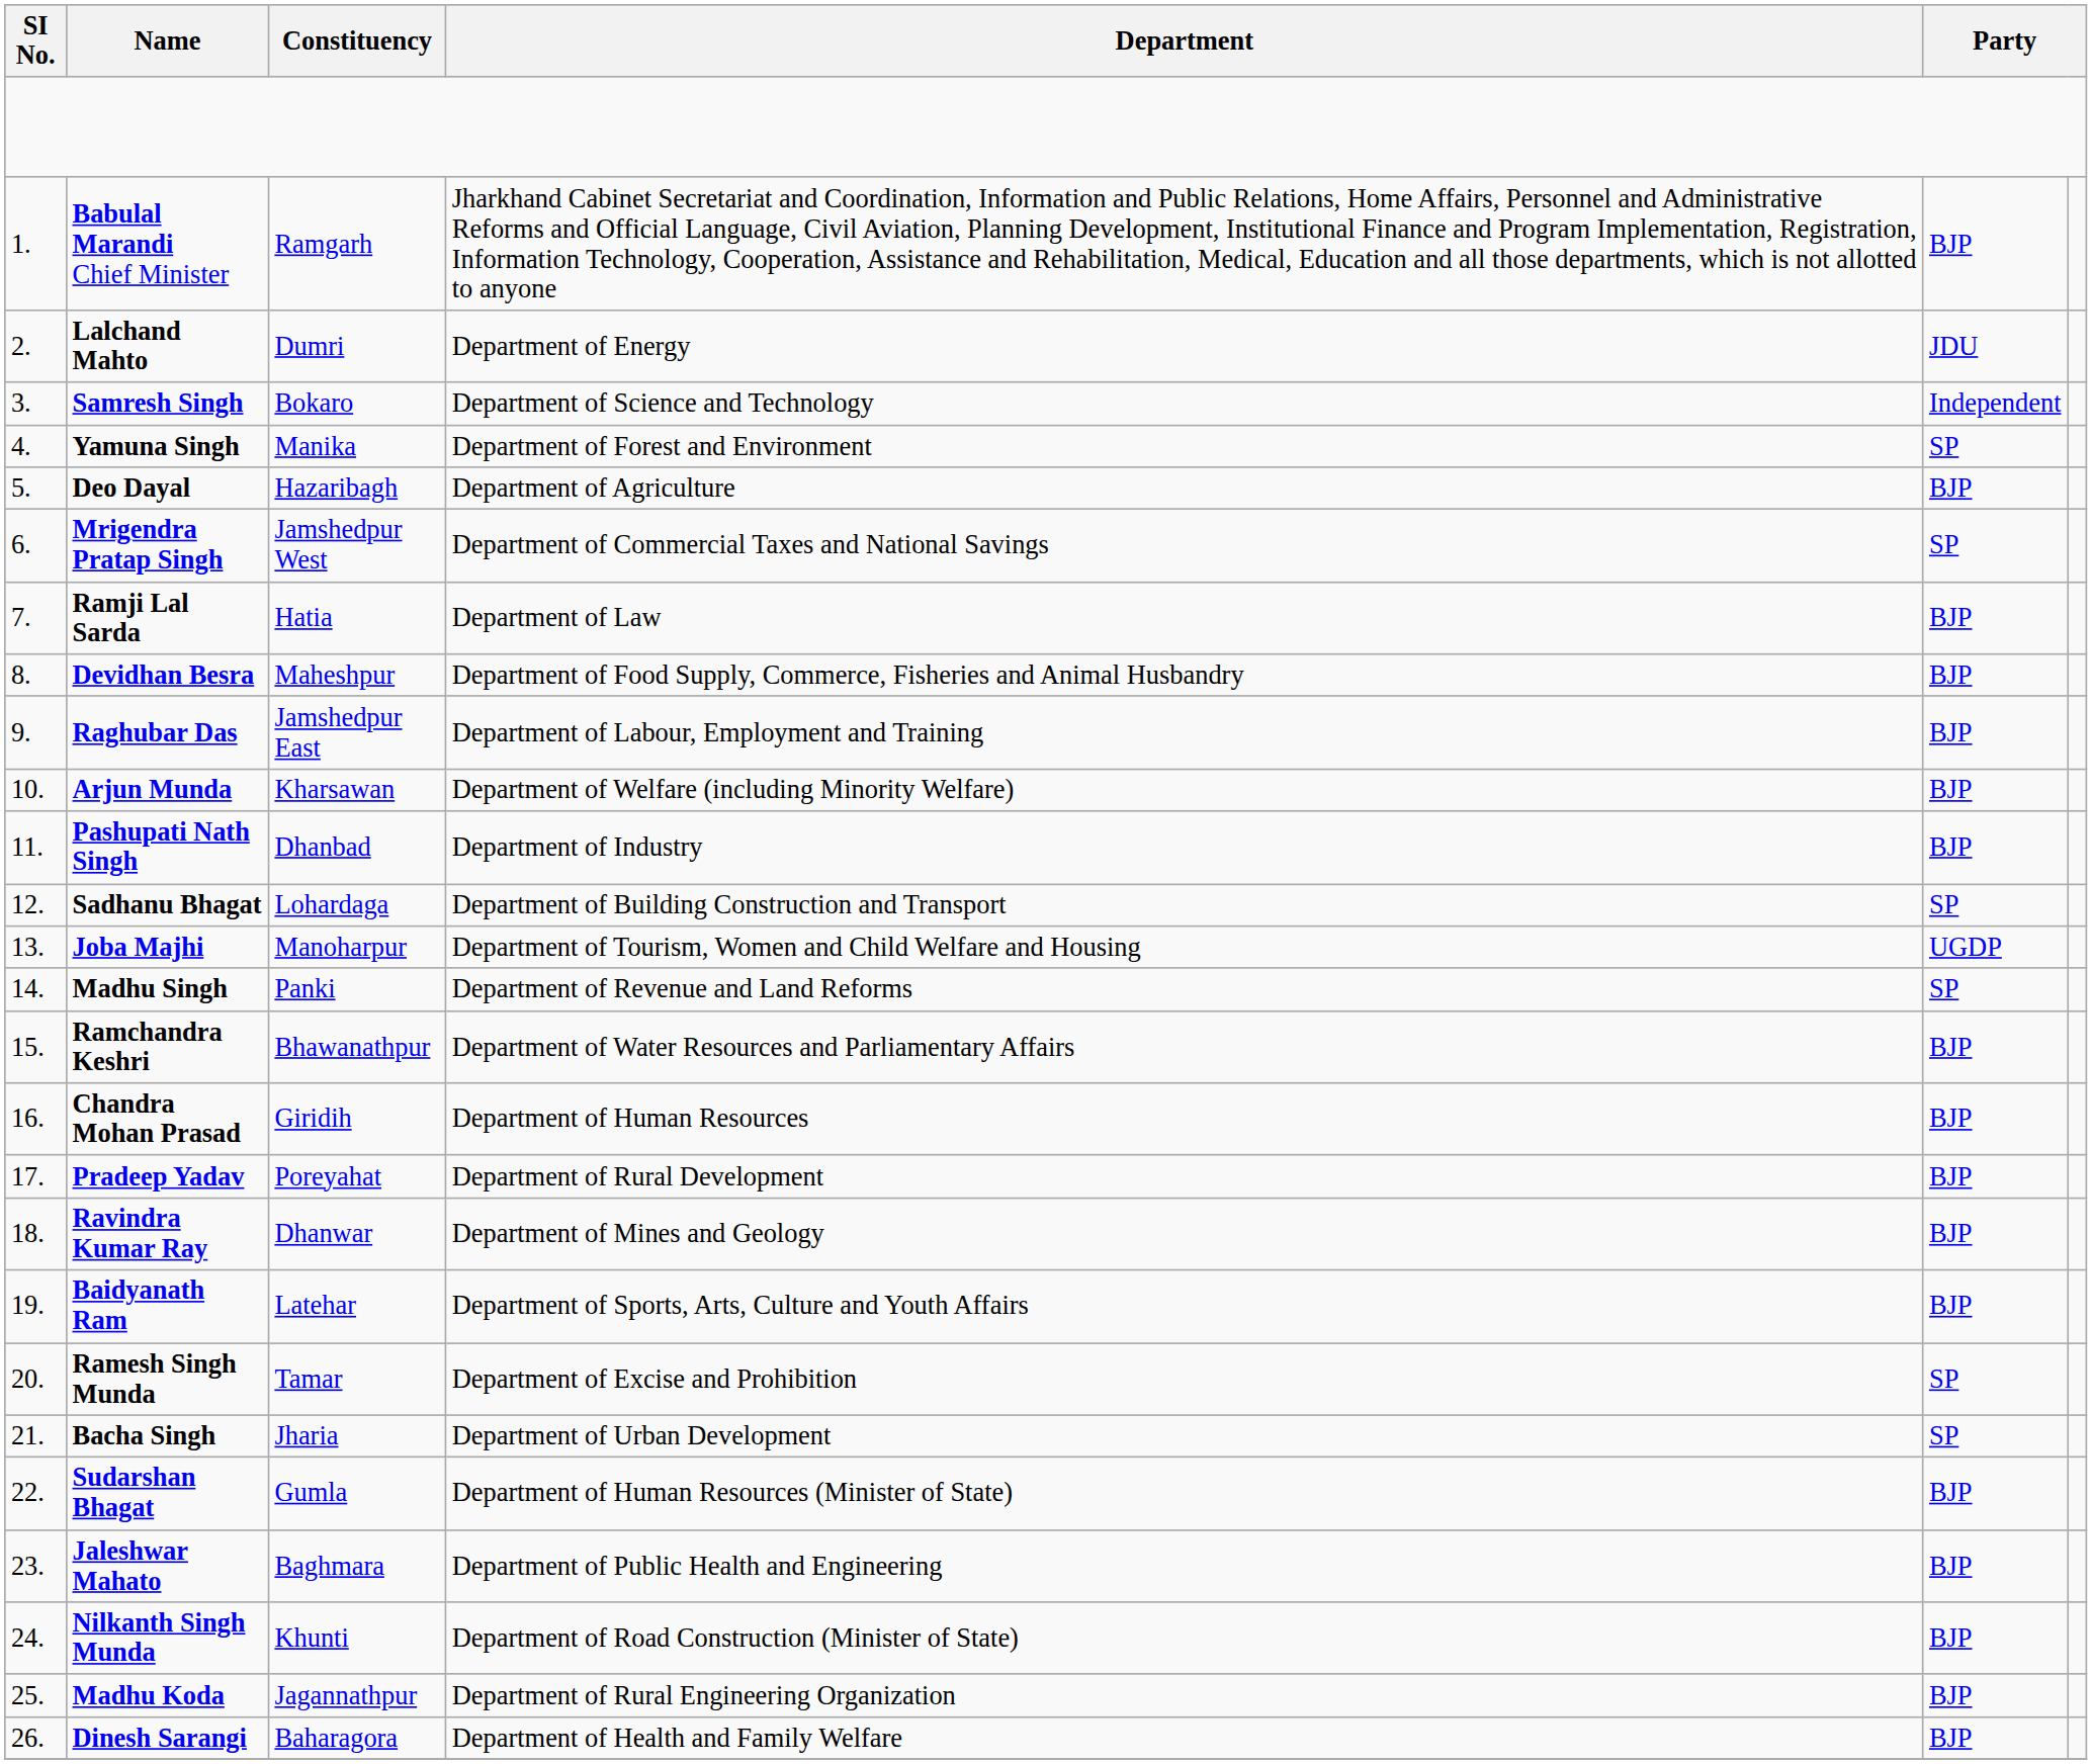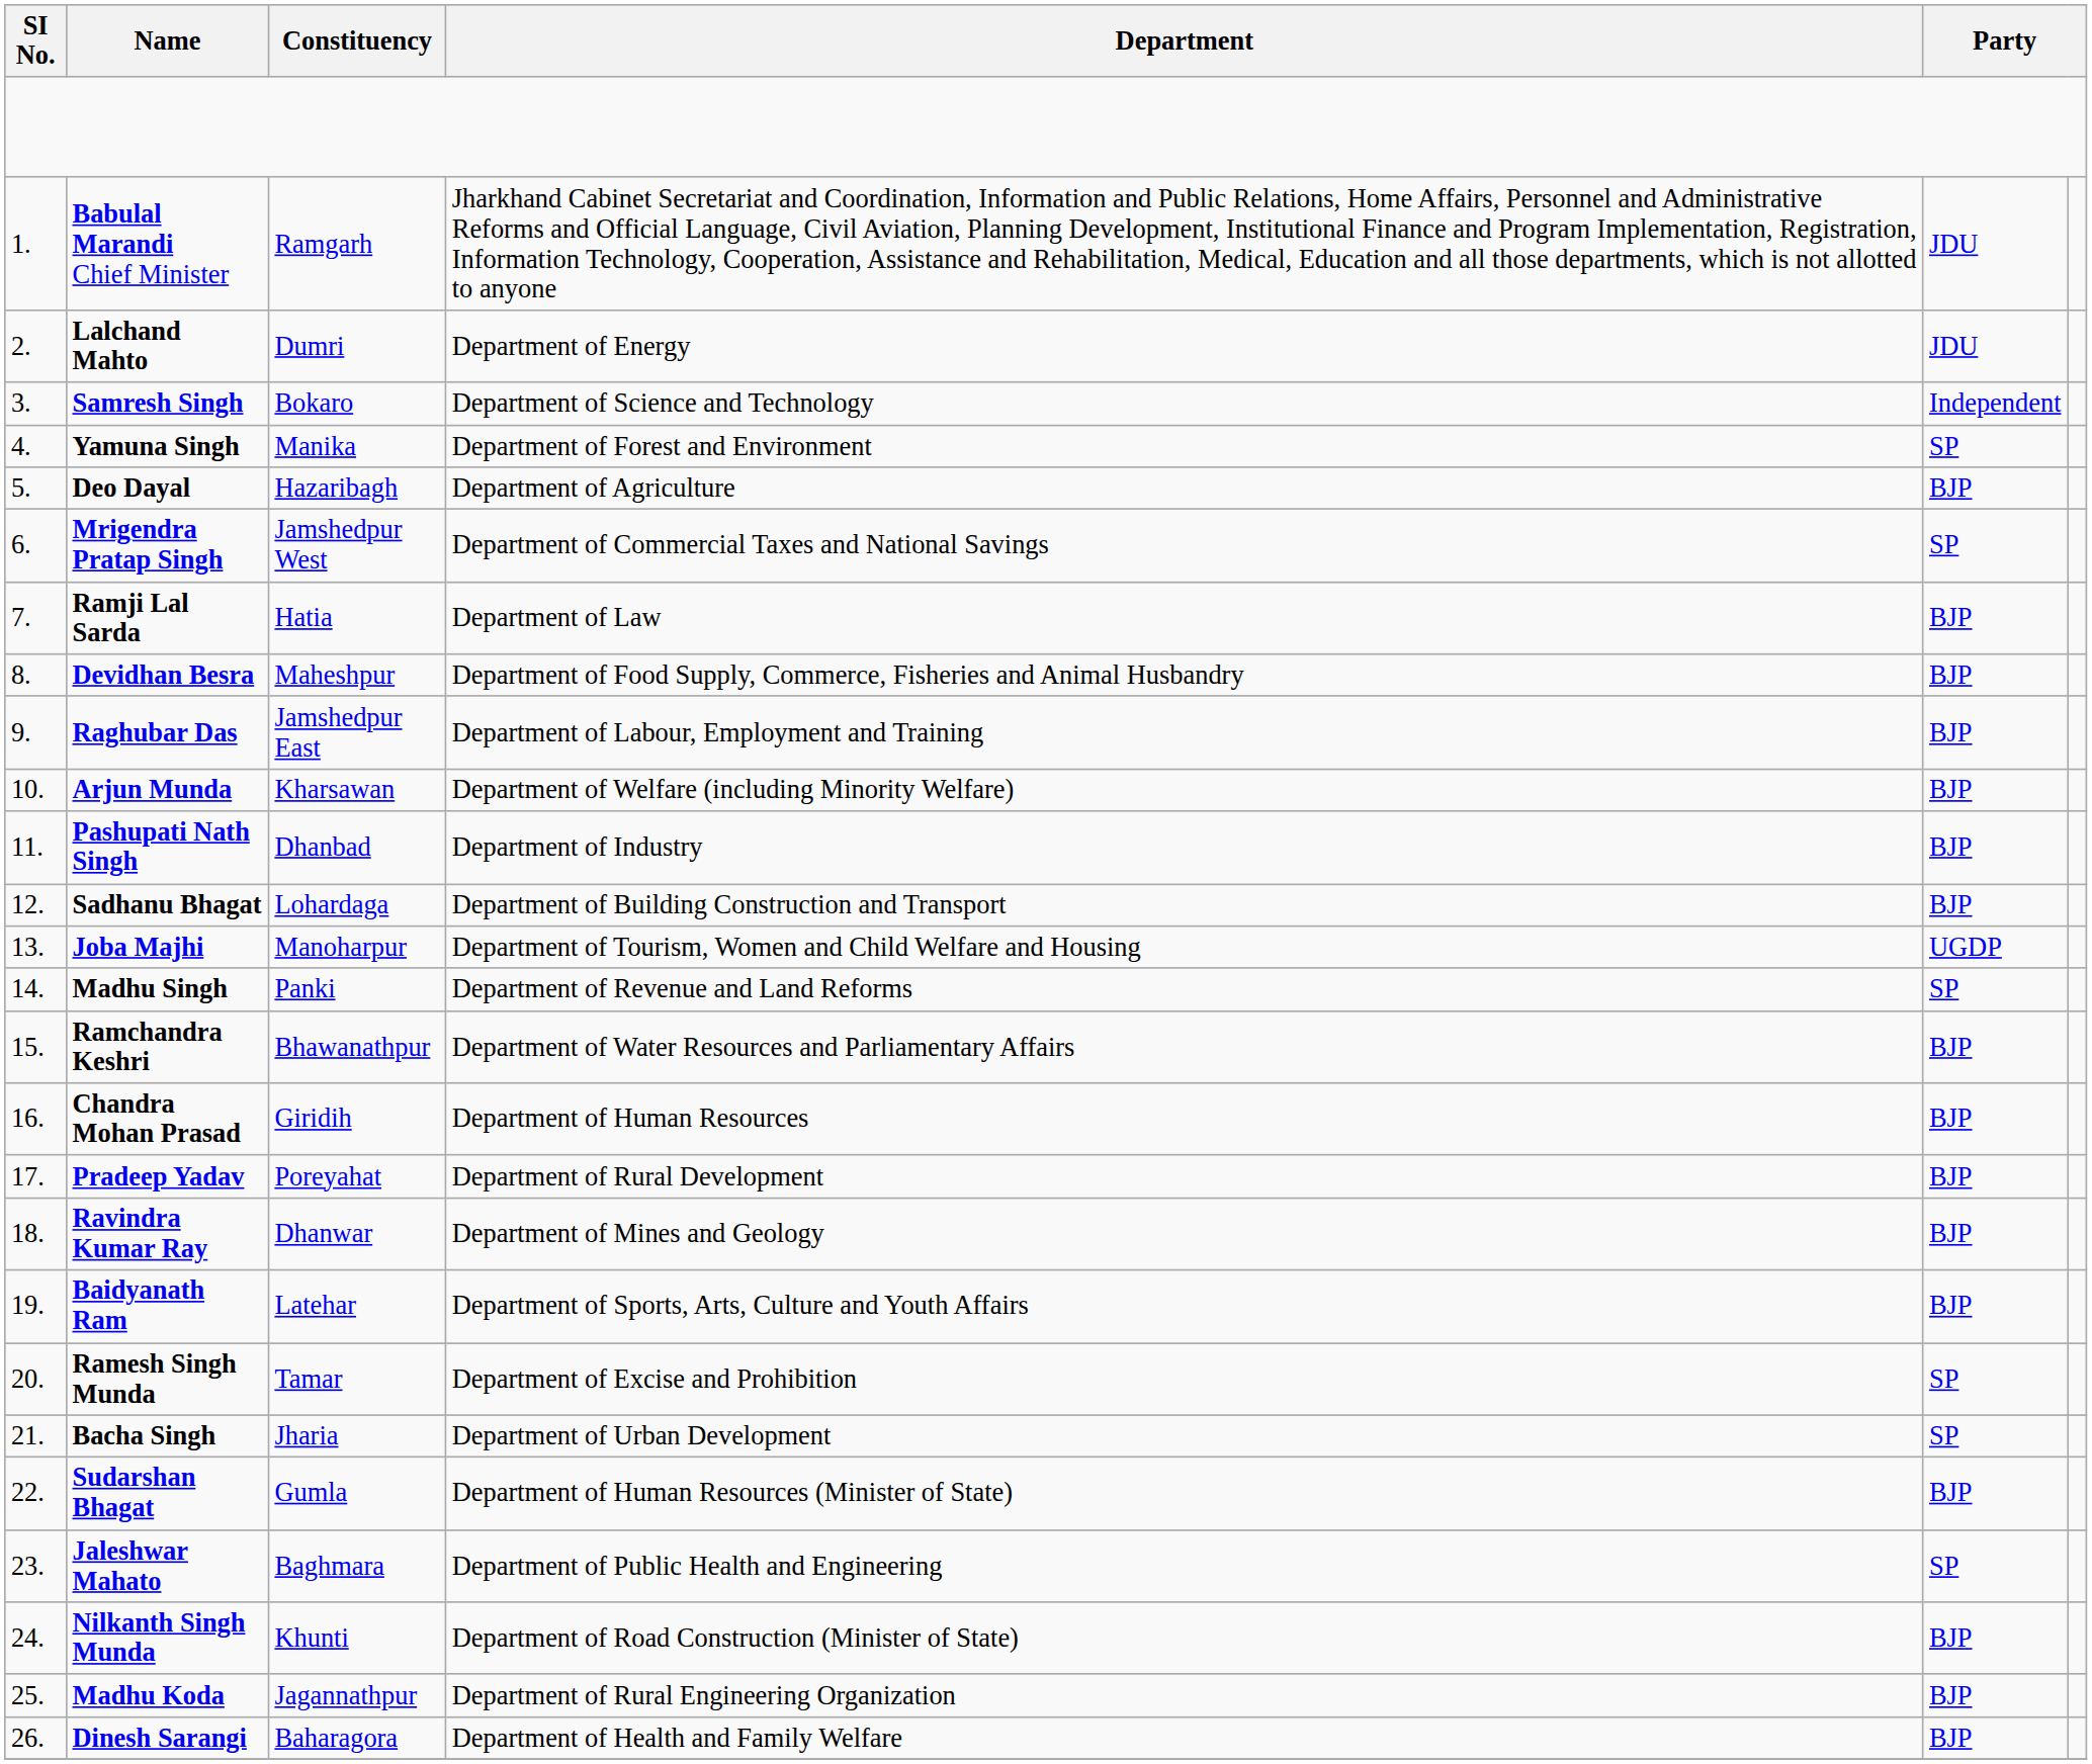 <table class="wikitable sortable">
 <tr>
 <th>SI No.</th>
 <th>Name</th>
 <th>Constituency</th>
 <th>Department</th>
 <th colspan="2" scope="col">Party</th>
 </tr>
 <tr style="text-align:center; height:60px;">
 </tr>
 <tr>
 <td>1.</td>
 <td><strong><a href='#'>Babulal Marandi</a></strong><br><a href='#'>Chief Minister</a></td>
 <td><a href='#'>Ramgarh</a></td>
 <td>Jharkhand Cabinet Secretariat and Coordination, Information and Public Relations, Home Affairs, Personnel and Administrative Reforms and Official Language, Civil Aviation, Planning Development, Institutional Finance and Program Implementation, Registration, Information Technology, Cooperation, Assistance and Rehabilitation, Medical, Education and all those departments, which is not allotted to anyone</td>
-<td><a href='#'>BJP</a></td>
+<td><a href='#'>JDU</a></td>
 <td width="4px"></td>
 </tr>
 <tr>
 <td>2.</td>
 <td><strong>Lalchand Mahto</strong></td>
 <td><a href='#'>Dumri</a></td>
 <td>Department of Energy</td>
 <td><a href='#'>JDU</a></td>
 <td width="4px"></td>
 </tr>
 <tr>
 <td>3.</td>
 <td><strong><a href='#'>Samresh Singh</a></strong></td>
 <td><a href='#'>Bokaro</a></td>
 <td>Department of Science and Technology</td>
 <td><a href='#'>Independent</a></td>
 <td width="4px"></td>
 </tr>
 <tr>
 <td>4.</td>
 <td><strong>Yamuna Singh</strong></td>
 <td><a href='#'>Manika</a></td>
 <td>Department of Forest and Environment</td>
 <td><a href='#'>SP</a></td>
 <td width="4px"></td>
 </tr>
 <tr>
 <td>5.</td>
 <td><strong>Deo Dayal</strong></td>
 <td><a href='#'>Hazaribagh</a></td>
 <td>Department of Agriculture</td>
 <td><a href='#'>BJP</a></td>
 <td width="4px"></td>
 </tr>
 <tr>
 <td>6.</td>
 <td><strong><a href='#'>Mrigendra Pratap Singh</a></strong></td>
 <td><a href='#'>Jamshedpur West</a></td>
 <td>Department of Commercial Taxes and National Savings</td>
 <td><a href='#'>SP</a></td>
 <td width="4px"></td>
 </tr>
 <tr>
 <td>7.</td>
 <td><strong>Ramji Lal Sarda</strong></td>
 <td><a href='#'>Hatia</a></td>
 <td>Department of Law</td>
 <td><a href='#'>BJP</a></td>
 <td width="4px"></td>
 </tr>
 <tr>
 <td>8.</td>
 <td><strong><a href='#'>Devidhan Besra</a></strong></td>
 <td><a href='#'>Maheshpur</a></td>
 <td>Department of Food Supply, Commerce, Fisheries and Animal Husbandry</td>
 <td><a href='#'>BJP</a></td>
 <td width="4px"></td>
 </tr>
 <tr>
 <td>9.</td>
 <td><strong><a href='#'>Raghubar Das</a></strong></td>
 <td><a href='#'>Jamshedpur East</a></td>
 <td>Department of Labour, Employment and Training</td>
 <td><a href='#'>BJP</a></td>
 <td width="4px"></td>
 </tr>
 <tr>
 <td>10.</td>
 <td><strong><a href='#'>Arjun Munda</a></strong></td>
 <td><a href='#'>Kharsawan</a></td>
 <td>Department of Welfare (including Minority Welfare)</td>
 <td><a href='#'>BJP</a></td>
 <td width="4px"></td>
 </tr>
 <tr>
 <td>11.</td>
 <td><strong><a href='#'>Pashupati Nath Singh</a></strong></td>
 <td><a href='#'>Dhanbad</a></td>
 <td>Department of Industry</td>
 <td><a href='#'>BJP</a></td>
 <td width="4px"></td>
 </tr>
 <tr>
 <td>12.</td>
 <td><strong>Sadhanu Bhagat</strong></td>
 <td><a href='#'>Lohardaga</a></td>
 <td>Department of Building Construction and Transport</td>
-<td><a href='#'>SP</a></td>
+<td><a href='#'>BJP</a></td>
 <td width="4px"></td>
 </tr>
 <tr>
 <td>13.</td>
 <td><strong><a href='#'>Joba Majhi</a></strong></td>
 <td><a href='#'>Manoharpur</a></td>
 <td>Department of Tourism, Women and Child Welfare and Housing</td>
 <td><a href='#'>UGDP</a></td>
 <td width="4px"></td>
 </tr>
 <tr>
 <td>14.</td>
 <td><strong>Madhu Singh</strong></td>
 <td><a href='#'>Panki</a></td>
 <td>Department of Revenue and Land Reforms</td>
 <td><a href='#'>SP</a></td>
 <td width="4px"></td>
 </tr>
 <tr>
 <td>15.</td>
 <td><strong>Ramchandra Keshri</strong></td>
 <td><a href='#'>Bhawanathpur</a></td>
 <td>Department of Water Resources and Parliamentary Affairs</td>
 <td><a href='#'>BJP</a></td>
 <td width="4px"></td>
 </tr>
 <tr>
 <td>16.</td>
 <td><strong>Chandra Mohan Prasad</strong></td>
 <td><a href='#'>Giridih</a></td>
 <td>Department of Human Resources</td>
 <td><a href='#'>BJP</a></td>
 <td width="4px"></td>
 </tr>
 <tr>
 <td>17.</td>
 <td><strong><a href='#'>Pradeep Yadav</a></strong></td>
 <td><a href='#'>Poreyahat</a></td>
 <td>Department of Rural Development</td>
 <td><a href='#'>BJP</a></td>
 <td width="4px"></td>
 </tr>
 <tr>
 <td>18.</td>
 <td><strong><a href='#'>Ravindra Kumar Ray</a></strong></td>
 <td><a href='#'>Dhanwar</a></td>
 <td>Department of Mines and Geology</td>
 <td><a href='#'>BJP</a></td>
 <td width="4px"></td>
 </tr>
 <tr>
 <td>19.</td>
 <td><strong><a href='#'>Baidyanath Ram</a></strong></td>
 <td><a href='#'>Latehar</a></td>
 <td>Department of Sports, Arts, Culture and Youth Affairs</td>
 <td><a href='#'>BJP</a></td>
 <td width="4px"></td>
 </tr>
 <tr>
 <td>20.</td>
 <td><strong>Ramesh Singh Munda</strong></td>
 <td><a href='#'>Tamar</a></td>
 <td>Department of Excise and Prohibition</td>
 <td><a href='#'>SP</a></td>
 <td width="4px"></td>
 </tr>
 <tr>
 <td>21.</td>
 <td><strong>Bacha Singh</strong></td>
 <td><a href='#'>Jharia</a></td>
 <td>Department of Urban Development</td>
 <td><a href='#'>SP</a></td>
 <td width="4px"></td>
 </tr>
 <tr>
 <td>22.</td>
 <td><strong><a href='#'>Sudarshan Bhagat</a></strong></td>
 <td><a href='#'>Gumla</a></td>
 <td>Department of Human Resources (Minister of State)</td>
 <td><a href='#'>BJP</a></td>
 <td width="4px"></td>
 </tr>
 <tr>
 <td>23.</td>
 <td><strong><a href='#'>Jaleshwar Mahato</a></strong></td>
 <td><a href='#'>Baghmara</a></td>
 <td>Department of Public Health and Engineering</td>
-<td><a href='#'>BJP</a></td>
+<td><a href='#'>SP</a></td>
 <td width="4px"></td>
 </tr>
 <tr>
 <td>24.</td>
 <td><strong><a href='#'>Nilkanth Singh Munda</a></strong></td>
 <td><a href='#'>Khunti</a></td>
 <td>Department of Road Construction (Minister of State)</td>
 <td><a href='#'>BJP</a></td>
 <td width="4px"></td>
 </tr>
 <tr>
 <td>25.</td>
 <td><strong><a href='#'>Madhu Koda</a></strong></td>
 <td><a href='#'>Jagannathpur</a></td>
 <td>Department of Rural Engineering Organization</td>
 <td><a href='#'>BJP</a></td>
 <td width="4px"></td>
 </tr>
 <tr>
 <td>26.</td>
 <td><strong><a href='#'>Dinesh Sarangi</a></strong></td>
 <td><a href='#'>Baharagora</a></td>
 <td>Department of Health and Family Welfare</td>
 <td><a href='#'>BJP</a></td>
 <td width="4px"></td>
 </tr>
 <tr>
 </tr>
 </table>
